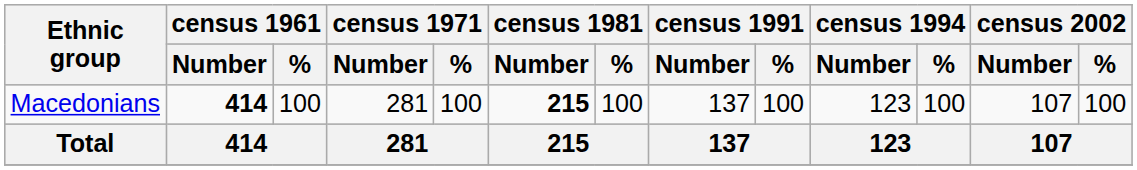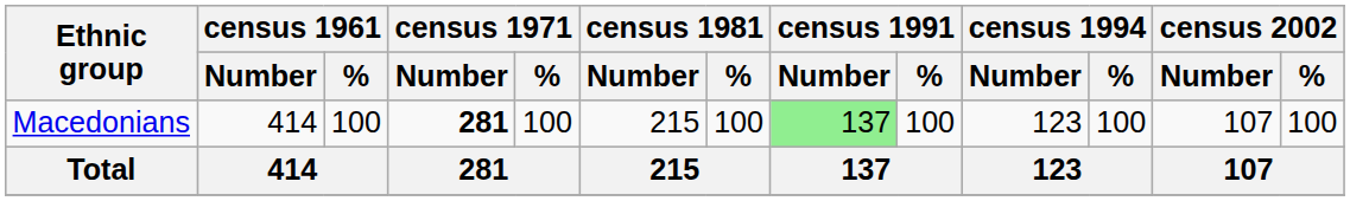 <table class="wikitable">
 <tr>
 <th rowspan="2">Ethnic<br>group</th>
 <th colspan="2">census 1961</th>
 <th colspan="2">census 1971</th>
 <th colspan="2">census 1981</th>
 <th colspan="2">census 1991</th>
 <th colspan="2">census 1994</th>
 <th colspan="2">census 2002</th>
 </tr>
 <tr bgcolor="#e0e0e0">
 <th>Number</th>
 <th>%</th>
 <th>Number</th>
 <th>%</th>
 <th>Number</th>
 <th>%</th>
 <th>Number</th>
 <th>%</th>
 <th>Number</th>
 <th>%</th>
 <th>Number</th>
 <th>%</th>
 </tr>
 <tr>
 <td><a href='#'>Macedonians</a></td>
-<td align="right"><strong>414</strong></td>
+<td align="right">414</td>
 <td align="right">100</td>
-<td align="right">281</td>
+<td align="right"><strong>281</strong></td>
 <td align="right">100</td>
-<td align="right"><strong>215</strong></td>
+<td align="right">215</td>
 <td align="right">100</td>
-<td align="right">137</td>
+<td align="right" style="background: lightgreen;">137</td>
 <td align="right">100</td>
 <td align="right">123</td>
 <td align="right">100</td>
 <td align="right">107</td>
 <td align="right">100</td>
 </tr>
 <tr bgcolor="#e0e0e0">
 <th align="left">Total</th>
 <th colspan="2">414</th>
 <th colspan="2">281</th>
 <th colspan="2">215</th>
 <th colspan="2">137</th>
 <th colspan="2">123</th>
 <th colspan="2">107</th>
 </tr>
 <tr>
 </tr>
 </table>
